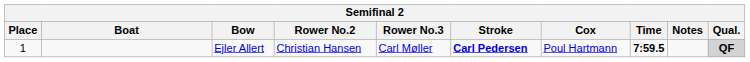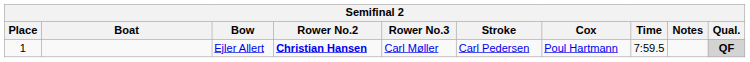 <table class=wikitable style="text-align:center" width=85%>
 <tr>
 <th colspan=10>Semifinal 2</th>
 </tr>
 <tr>
 <th width=5%>Place</th>
 <th width=23%>Boat</th>
 <th>Bow</th>
 <th>Rower No.2</th>
 <th>Rower No.3</th>
 <th>Stroke</th>
 <th>Cox</th>
 <th width=5%>Time</th>
 <th>Notes</th>
 <th width=5%>Qual.</th>
 </tr>
 <tr>
 <td>1</td>
 <td align=left></td>
 <td align=left><a href='#'>Ejler Allert</a></td>
-<td align=left><a href='#'>Christian Hansen</a></td>
+<td align=left><strong><a href='#'>Christian Hansen</a></strong></td>
 <td align=left><a href='#'>Carl Møller</a></td>
-<td align=left><strong><a href='#'>Carl Pedersen</a></strong></td>
+<td align=left><a href='#'>Carl Pedersen</a></td>
 <td align=left><a href='#'>Poul Hartmann</a></td>
-<td><strong>7:59.5</strong></td>
+<td>7:59.5</td>
 <td></td>
 <td style="background: lightgrey;"><strong>QF</strong></td>
 </tr>
 </table>
